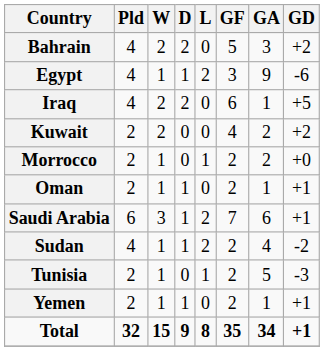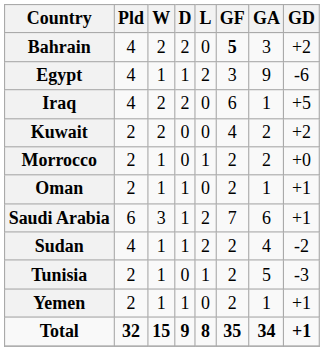 <table class="wikitable plainrowheaders sortable" style="text-align:center">
 <tr>
 <th scope=col>Country</th>
 <th scope=col>Pld</th>
 <th scope=col>W</th>
 <th scope=col>D</th>
 <th scope=col>L</th>
 <th scope=col>GF</th>
 <th scope=col>GA</th>
 <th scope=col>GD</th>
 </tr>
 <tr>
 <th scope=row> Bahrain</th>
 <td>4</td>
 <td>2</td>
 <td>2</td>
 <td>0</td>
-<td>5</td>
+<td><strong>5</strong></td>
 <td>3</td>
 <td>+2</td>
 </tr>
 <tr>
 <th scope=row> Egypt</th>
 <td>4</td>
 <td>1</td>
 <td>1</td>
 <td>2</td>
 <td>3</td>
 <td>9</td>
 <td>-6</td>
 </tr>
 <tr>
 <th scope=row> Iraq</th>
 <td>4</td>
 <td>2</td>
 <td>2</td>
 <td>0</td>
 <td>6</td>
 <td>1</td>
 <td>+5</td>
 </tr>
 <tr>
 <th scope=row> Kuwait</th>
 <td>2</td>
 <td>2</td>
 <td>0</td>
 <td>0</td>
 <td>4</td>
 <td>2</td>
 <td>+2</td>
 </tr>
 <tr>
 <th scope=row> Morrocco</th>
 <td>2</td>
 <td>1</td>
 <td>0</td>
 <td>1</td>
 <td>2</td>
 <td>2</td>
 <td>+0</td>
 </tr>
 <tr>
 <th scope=row> Oman</th>
 <td>2</td>
 <td>1</td>
 <td>1</td>
 <td>0</td>
 <td>2</td>
 <td>1</td>
 <td>+1</td>
 </tr>
 <tr>
 <th scope=row> Saudi Arabia</th>
 <td>6</td>
 <td>3</td>
 <td>1</td>
 <td>2</td>
 <td>7</td>
 <td>6</td>
 <td>+1</td>
 </tr>
 <tr>
 <th scope=row> Sudan</th>
 <td>4</td>
 <td>1</td>
 <td>1</td>
 <td>2</td>
 <td>2</td>
 <td>4</td>
 <td>-2</td>
 </tr>
 <tr>
 <th scope=row> Tunisia</th>
 <td>2</td>
 <td>1</td>
 <td>0</td>
 <td>1</td>
 <td>2</td>
 <td>5</td>
 <td>-3</td>
 </tr>
 <tr>
 <th scope=row> Yemen</th>
 <td>2</td>
 <td>1</td>
 <td>1</td>
 <td>0</td>
 <td>2</td>
 <td>1</td>
 <td>+1</td>
 </tr>
 <tr>
 <td align-"center"><strong>Total</strong></td>
 <td><strong>32</strong></td>
 <td><strong>15</strong></td>
 <td><strong>9</strong></td>
 <td><strong>8</strong></td>
 <td><strong>35</strong></td>
 <td><strong>34</strong></td>
 <td><strong>+1</strong></td>
 </tr>
 <tr>
 </tr>
 </table>
